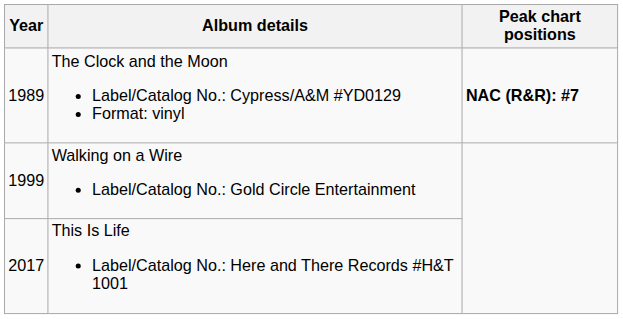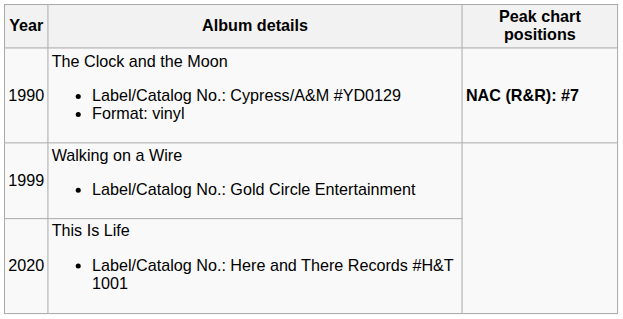 <table class="wikitable">
 <tr>
 <th><strong>Year</strong></th>
 <th><strong>Album details</strong></th>
 <th><strong>Peak chart positions</strong></th>
 </tr>
 <tr>
-<td>1989</td>
+<td>1990</td>
 <td>The Clock and the Moon<br><ul><li>Label/Catalog No.: Cypress/A&M #YD0129</li><li>Format: vinyl</li></ul></td>
 <td><strong>NAC (R&R): #7</strong></td>
 </tr>
 <tr>
 <td>1999</td>
 <td>Walking on a Wire<br><ul><li>Label/Catalog No.: Gold Circle Entertainment</li></ul></td>
 </tr>
 <tr>
-<td>2017</td>
+<td>2020</td>
 <td>This Is Life<br><ul><li>Label/Catalog No.: Here and There Records #H&T 1001</li></ul></td>
 </tr>
 </table>
